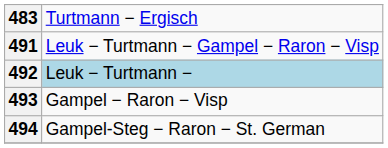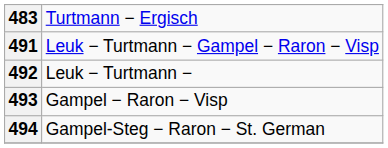 <table class="wikitable">
 <tr>
 <th>483</th>
 <td><a href='#'>Turtmann</a> − <a href='#'>Ergisch</a></td>
 </tr>
 <tr>
 <th>491</th>
 <td><a href='#'>Leuk</a> − Turtmann − <a href='#'>Gampel</a> − <a href='#'>Raron</a> − <a href='#'>Visp</a></td>
 </tr>
 <tr>
 <th>492</th>
-<td style="background: lightblue;">Leuk − Turtmann − </td>
+<td>Leuk − Turtmann − </td>
 </tr>
 <tr>
 <th>493</th>
 <td>Gampel − Raron − Visp</td>
 </tr>
 <tr>
 <th>494</th>
 <td>Gampel-Steg − Raron − St. German</td>
 </tr>
 <tr>
 </tr>
 </table>
